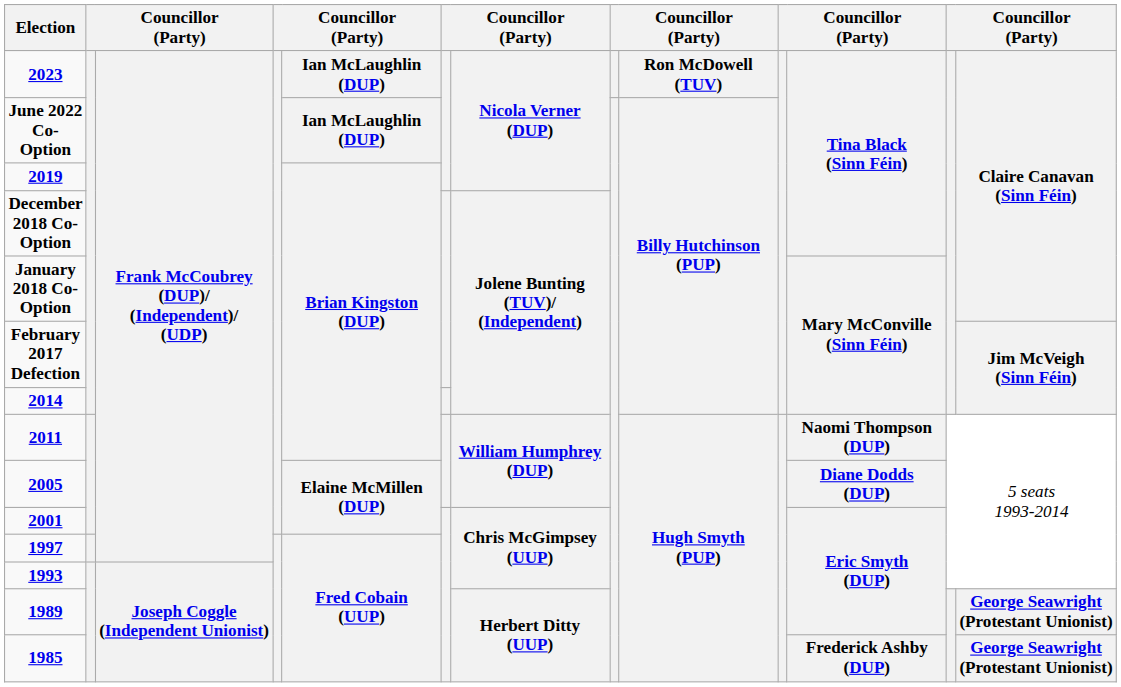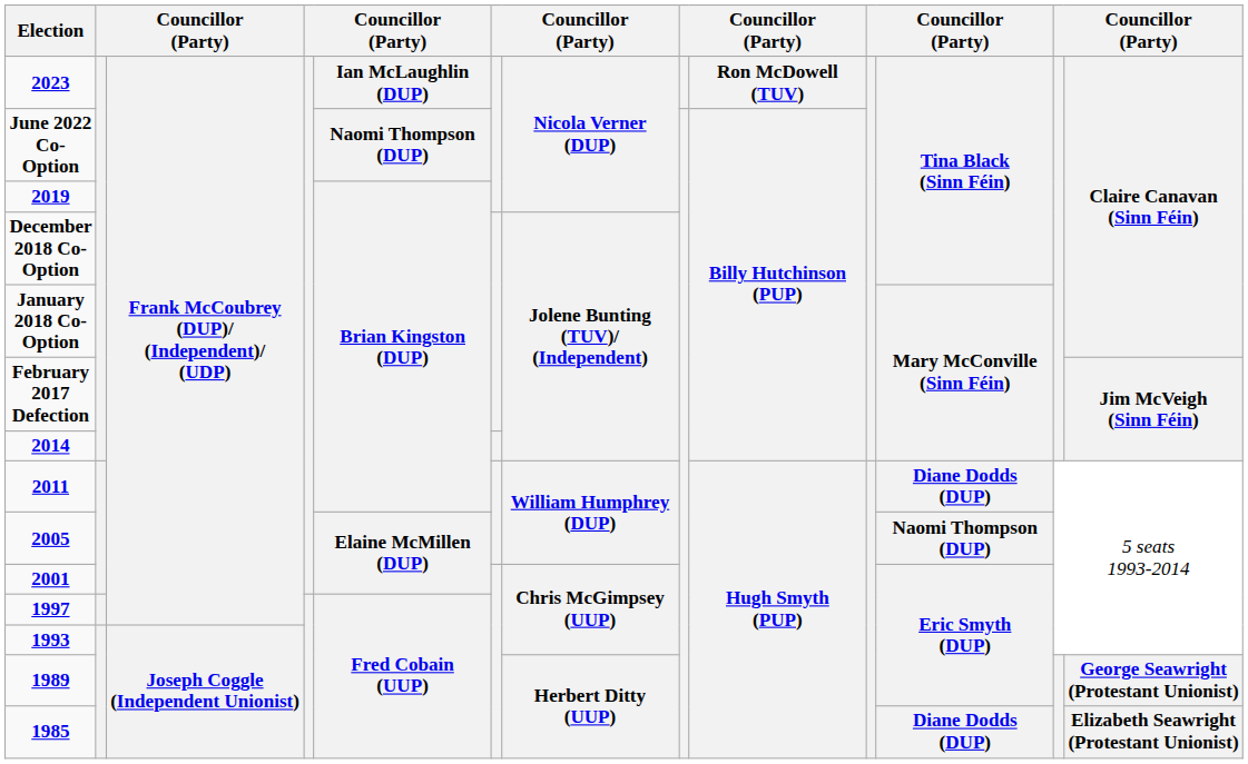 <table class="wikitable" style="text-align:center">
 <tr>
 <th scope="col" width="50">Election</th>
 <th scope="col" width="150" colspan = "2">Councillor<br> (Party)</th>
 <th scope="col" width="150" colspan = "2">Councillor<br> (Party)</th>
 <th scope="col" width="150" colspan = "2">Councillor<br> (Party)</th>
 <th scope="col" width="150" colspan = "2">Councillor<br> (Party)</th>
 <th scope="col" width="150" colspan = "2">Councillor<br> (Party)</th>
 <th scope="col" width="150" colspan = "2">Councillor<br> (Party)</th>
 </tr>
 <tr>
 <td><strong><a href='#'>2023</a></strong></td>
 <th rowspan="7" width="1" style="background-color: "></th>
 <th rowspan= "11"><a href='#'>Frank McCoubrey</a> <br> (<a href='#'>DUP</a>)/ <br> (<a href='#'>Independent</a>)/ <br> (<a href='#'>UDP</a>)</th>
 <th rowspan="10" width="1" style="background-color: "></th>
 <th rowspan= "1">Ian McLaughlin <br> (<a href='#'>DUP</a>)</th>
 <th rowspan="3" width="1" style="background-color: "></th>
 <th rowspan= "3"><a href='#'>Nicola Verner</a> <br> (<a href='#'>DUP</a>)</th>
 <th rowspan="1" width="1" style="background-color: "></th>
 <th rowspan= "1">Ron McDowell <br> (<a href='#'>TUV</a>)</th>
 <th rowspan="7" width="1" style="background-color: "></th>
 <th rowspan= "4"><a href='#'>Tina Black</a> <br> (<a href='#'>Sinn Féin</a>)</th>
 <th rowspan="7" width="1" style="background-color: "></th>
 <th rowspan= "5">Claire Canavan <br> (<a href='#'>Sinn Féin</a>)</th>
 </tr>
 <tr>
 <td><strong>June 2022 Co-Option</strong></td>
-<th rowspan= "1">Ian McLaughlin <br> (<a href='#'>DUP</a>)</th>
+<th rowspan= "1">Naomi Thompson <br> (<a href='#'>DUP</a>)</th>
 <th rowspan="13" width="1" style="background-color: "></th>
 <th rowspan= "6"><a href='#'>Billy Hutchinson</a> <br> (<a href='#'>PUP</a>)</th>
 </tr>
 <tr>
 <td><strong><a href='#'>2019</a></strong></td>
 <th rowspan= "6"><a href='#'>Brian Kingston</a> <br> (<a href='#'>DUP</a>)</th>
 </tr>
 <tr>
 <td><strong>December 2018 Co-Option</strong></td>
 <th rowspan="3" width="1" style="background-color: "></th>
 <th rowspan= "4">Jolene Bunting <br> (<a href='#'>TUV</a>)/ <br> (<a href='#'>Independent</a>)</th>
 </tr>
 <tr>
 <td><strong>January 2018 Co-Option</strong></td>
 <th rowspan= "3">Mary McConville <br> (<a href='#'>Sinn Féin</a>)</th>
 </tr>
 <tr>
 <td><strong>February 2017 Defection</strong></td>
 <th rowspan= "2">Jim McVeigh <br> (<a href='#'>Sinn Féin</a>)</th>
 </tr>
 <tr>
 <td><strong><a href='#'>2014</a></strong></td>
 <th rowspan="1" width="1" style="background-color: "></th>
 </tr>
 <tr>
 <td><strong><a href='#'>2011</a></strong></td>
 <th rowspan="3" width="1" style="background-color: "></th>
 <th rowspan="2" width="1" style="background-color: "></th>
 <th rowspan= "2"><a href='#'>William Humphrey</a> <br> (<a href='#'>DUP</a>)</th>
 <th rowspan= "7"><a href='#'>Hugh Smyth</a> <br> (<a href='#'>PUP</a>)</th>
 <th rowspan="7" width="1" style="background-color: "></th>
-<th rowspan= "1">Naomi Thompson <br> (<a href='#'>DUP</a>)</th>
+<th rowspan= "1"><a href='#'>Diane Dodds</a> <br> (<a href='#'>DUP</a>)</th>
 <td colspan= "2" rowspan="5" style="background-color:#FFFFFF"><em>5 seats<br>1993-2014</em></td>
 </tr>
 <tr>
 <td><strong><a href='#'>2005</a></strong></td>
 <th rowspan= "2">Elaine McMillen <br> (<a href='#'>DUP</a>)</th>
-<th rowspan= "1"><a href='#'>Diane Dodds</a> <br> (<a href='#'>DUP</a>)</th>
+<th rowspan= "1">Naomi Thompson <br> (<a href='#'>DUP</a>)</th>
 </tr>
 <tr>
 <td><strong><a href='#'>2001</a></strong></td>
 <th rowspan="5" width="1" style="background-color: "></th>
 <th rowspan= "3">Chris McGimpsey <br> (<a href='#'>UUP</a>)</th>
 <th rowspan= "4"><a href='#'>Eric Smyth</a> <br> (<a href='#'>DUP</a>)</th>
 </tr>
 <tr>
 <td><strong><a href='#'>1997</a></strong></td>
 <th rowspan="1" width="1" style="background-color: "></th>
 <th rowspan="4" width="1" style="background-color: "></th>
 <th rowspan= "4"><a href='#'>Fred Cobain</a> <br> (<a href='#'>UUP</a>)</th>
 </tr>
 <tr>
 <td><strong><a href='#'>1993</a></strong></td>
 <th rowspan="3" width="1" style="background-color: "></th>
 <th rowspan= "3"><a href='#'>Joseph Coggle</a> <br> (<a href='#'>Independent Unionist</a>)</th>
 </tr>
 <tr>
 <td><strong><a href='#'>1989</a></strong></td>
 <th rowspan= "2">Herbert Ditty <br> (<a href='#'>UUP</a>)</th>
 <th rowspan="2" width="1" style="background-color: "></th>
 <th rowspan= "1"><a href='#'>George Seawright</a> <br> (Protestant Unionist)</th>
 </tr>
 <tr>
 <td><strong><a href='#'>1985</a></strong></td>
-<th rowspan= "1">Frederick Ashby <br> (<a href='#'>DUP</a>)</th>
-<th rowspan= "1"><a href='#'>George Seawright</a> <br> (Protestant Unionist)</th>
+<th rowspan= "1"><a href='#'>Diane Dodds</a> <br> (<a href='#'>DUP</a>)</th>
+<th rowspan= "1">Elizabeth Seawright <br> (Protestant Unionist)</th>
 </tr>
 </table>
